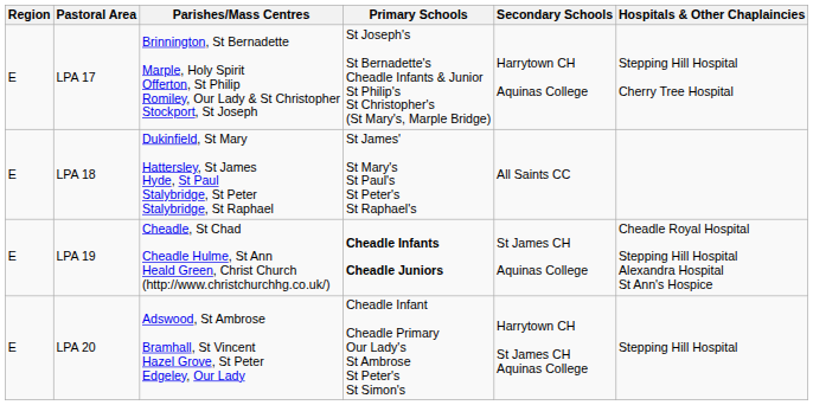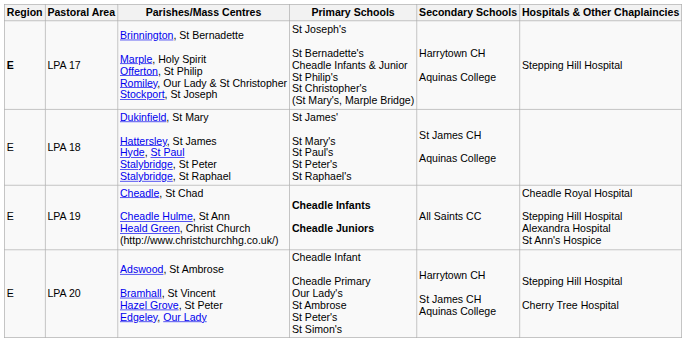 <table class="wikitable">
 <tr>
 <th>Region</th>
 <th>Pastoral Area</th>
 <th>Parishes/Mass Centres</th>
 <th>Primary Schools</th>
 <th>Secondary Schools</th>
 <th>Hospitals & Other Chaplaincies</th>
 </tr>
 <tr>
-<td>E</td>
+<td><strong>E</strong></td>
 <td>LPA 17</td>
 <td><a href='#'>Brinnington</a>, St Bernadette <br><br><a href='#'>Marple</a>, Holy Spirit<br> <a href='#'>Offerton</a>, St Philip<br> <a href='#'>Romiley</a>, Our Lady & St Christopher <br> <a href='#'>Stockport</a>, St Joseph</td>
 <td>St Joseph's<br><br>St Bernadette's<br> Cheadle Infants & Junior<br> St Philip's<br> St Christopher's <br> (St Mary's, Marple Bridge)</td>
 <td>Harrytown CH <br><br>Aquinas College</td>
-<td>Stepping Hill Hospital <br><br>Cherry Tree Hospital</td>
+<td>Stepping Hill Hospital</td>
 </tr>
 <tr>
 <td>E</td>
 <td>LPA 18</td>
 <td><a href='#'>Dukinfield</a>, St Mary <br><br><a href='#'>Hattersley</a>, St James<br> <a href='#'>Hyde</a>, <a href='#'>St Paul</a><br> <a href='#'>Stalybridge</a>, St Peter<br> <a href='#'>Stalybridge</a>, St Raphael</td>
 <td>St James' <br><br>St Mary's <br> St Paul's <br> St Peter's <br> St Raphael's</td>
-<td>All Saints CC <br></td>
+<td>St James CH <br><br>Aquinas College</td>
 </tr>
 <tr>
 <td>E</td>
 <td>LPA 19</td>
 <td><a href='#'>Cheadle</a>, St Chad <br><br><a href='#'>Cheadle Hulme</a>, St Ann <br> <a href='#'>Heald Green</a>, Christ Church <br> (http://www.christchurchhg.co.uk/) <br></td>
 <td><strong>Cheadle Infants <br><br>Cheadle Juniors</strong></td>
-<td>St James CH <br><br>Aquinas College</td>
+<td>All Saints CC <br></td>
 <td>Cheadle Royal Hospital <br><br>Stepping Hill Hospital<br> Alexandra Hospital <br> St Ann's Hospice</td>
 </tr>
 <tr>
 <td>E</td>
 <td>LPA 20</td>
 <td><a href='#'>Adswood</a>, St Ambrose<br><br><a href='#'>Bramhall</a>, St Vincent <br> <a href='#'>Hazel Grove</a>, St Peter<br> <a href='#'>Edgeley</a>, <a href='#'>Our Lady</a></td>
 <td>Cheadle Infant <br><br>Cheadle Primary<br> Our Lady's <br> St Ambrose<br> St Peter's<br> St Simon's</td>
 <td>Harrytown CH <br><br>St James CH <br> Aquinas College</td>
-<td>Stepping Hill Hospital</td>
+<td>Stepping Hill Hospital <br><br>Cherry Tree Hospital</td>
 </tr>
 </table>
